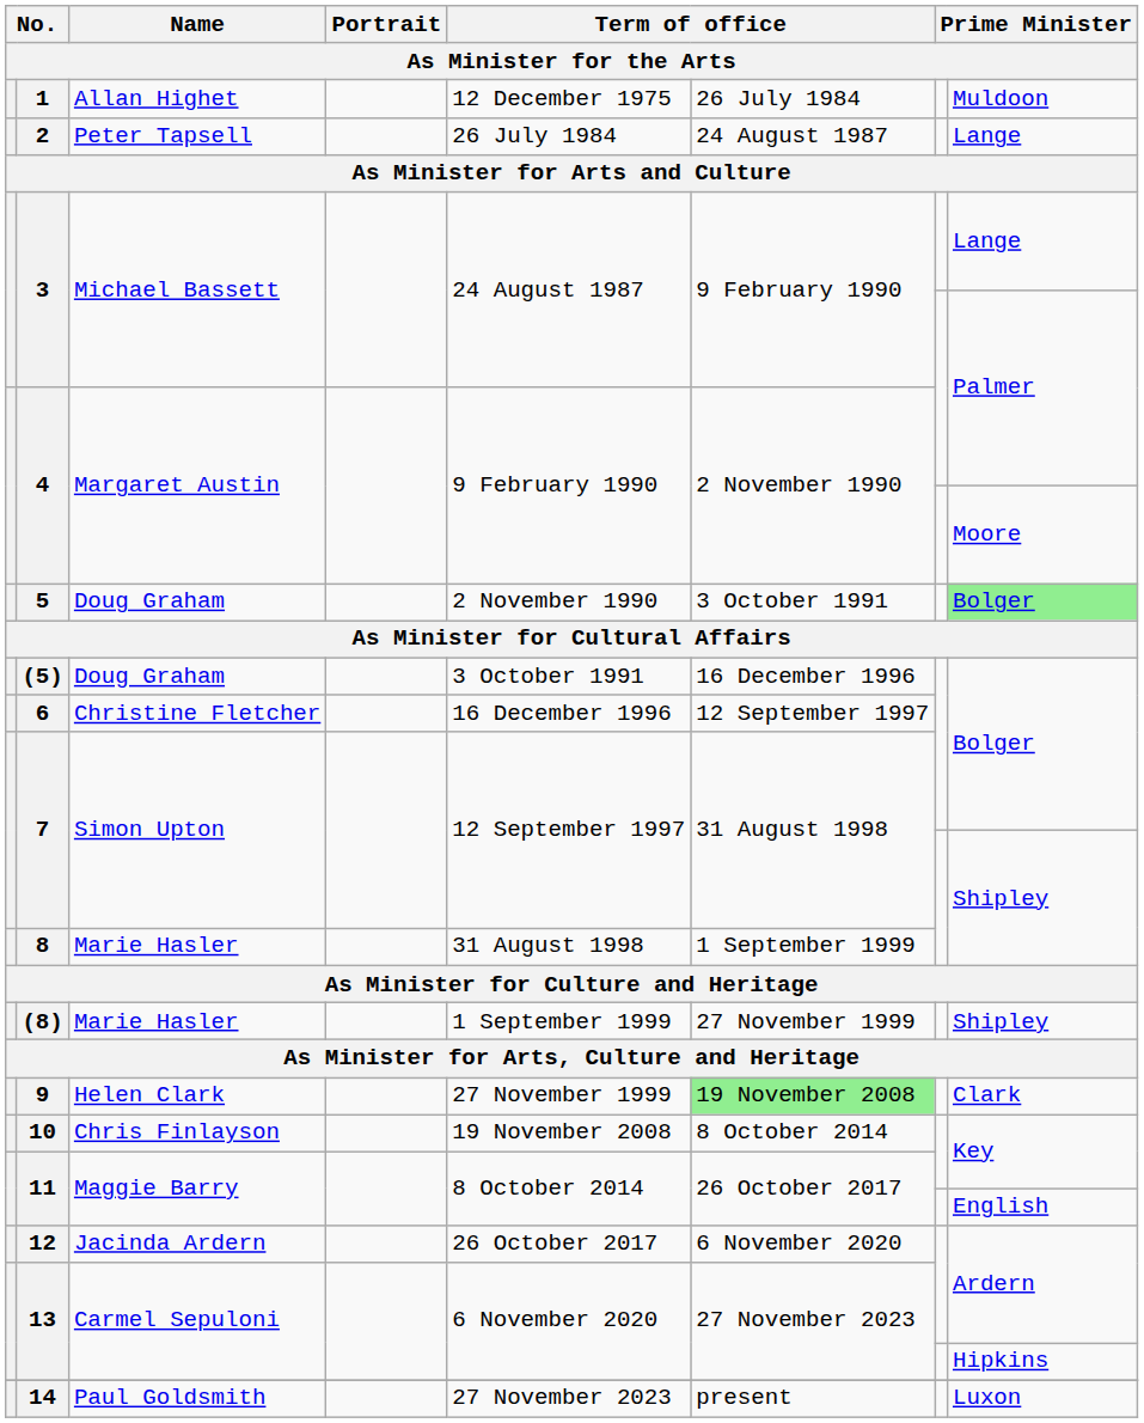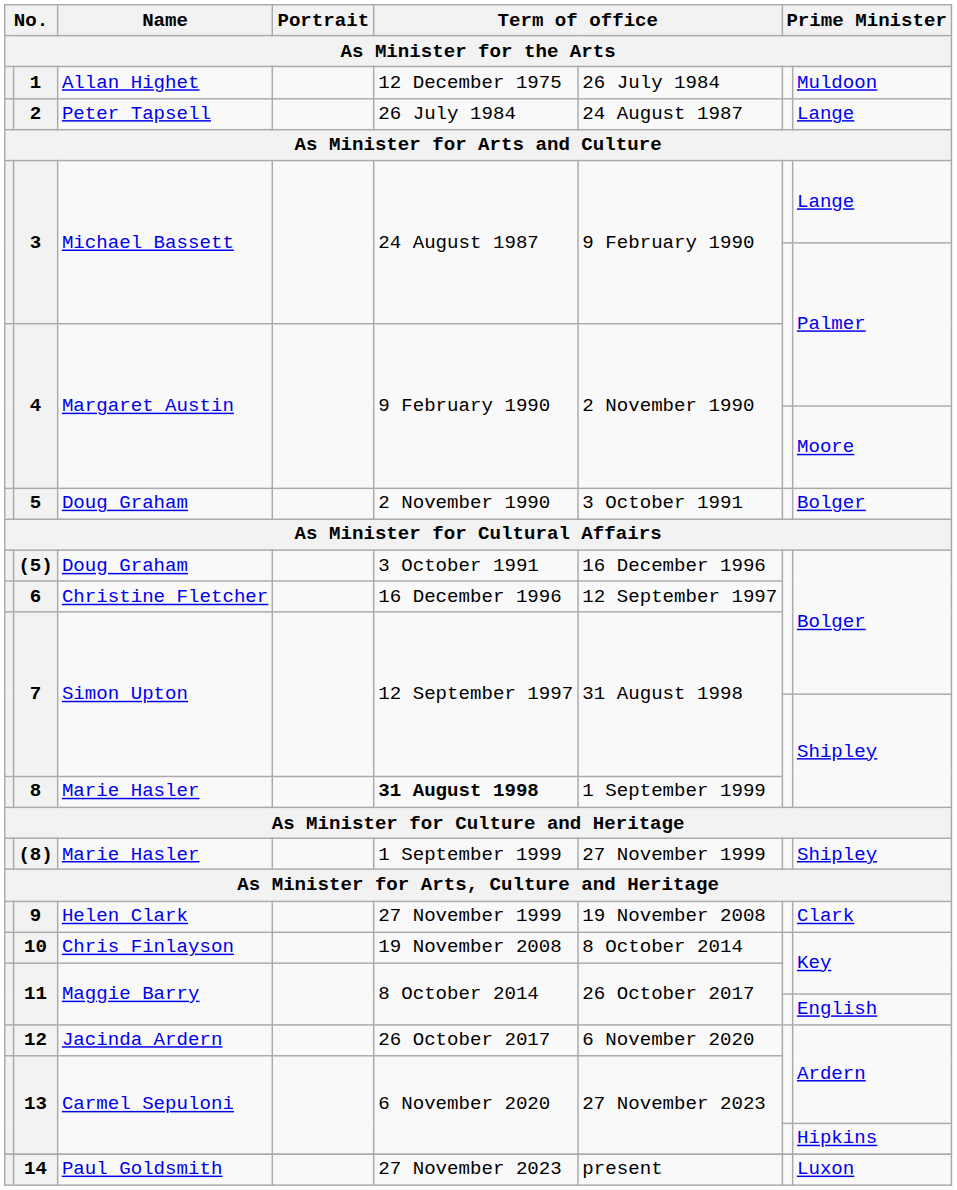 <table class="wikitable">
 <tr>
 <th colspan=2>No.</th>
 <th>Name</th>
 <th>Portrait</th>
 <th colspan=2>Term of office</th>
 <th colspan=2>Prime Minister</th>
 </tr>
 <tr>
 <th colspan=8>As Minister for the Arts</th>
 </tr>
 <tr>
 <th style="color:inherit;background:"></th>
 <th>1</th>
 <td><a href='#'>Allan Highet</a></td>
 <td></td>
 <td>12 December 1975</td>
 <td>26 July 1984</td>
 <td width=1 style="color:inherit;background:"></td>
 <td><a href='#'>Muldoon</a></td>
 </tr>
 <tr>
 <th style="color:inherit;background:"></th>
 <th>2</th>
 <td><a href='#'>Peter Tapsell</a></td>
 <td></td>
 <td>26 July 1984</td>
 <td>24 August 1987</td>
 <td style="color:inherit;background:"></td>
 <td><a href='#'>Lange</a></td>
 </tr>
 <tr>
 <th colspan=8>As Minister for Arts and Culture</th>
 </tr>
 <tr>
 <th height=50 style="border-bottom:solid 0 grey; background:"></th>
 <th rowspan=2>3</th>
 <td rowspan=2><a href='#'>Michael Bassett</a></td>
 <td rowspan=2></td>
 <td rowspan=2>24 August 1987</td>
 <td rowspan=2>9 February 1990</td>
 <td style="color:inherit;background:"></td>
 <td><a href='#'>Lange</a></td>
 </tr>
 <tr>
 <th height=50 style="border-top:solid 0 grey; background:"></th>
 <td rowspan=2 style="color:inherit;background:"></td>
 <td rowspan=2><a href='#'>Palmer</a></td>
 </tr>
 <tr>
 <th height=50 style="border-bottom:solid 0 grey; background:"></th>
 <th rowspan=2>4</th>
 <td rowspan=2><a href='#'>Margaret Austin</a></td>
 <td rowspan=2></td>
 <td rowspan=2>9 February 1990</td>
 <td rowspan=2>2 November 1990</td>
 </tr>
 <tr>
 <th height=50 style="border-top:solid 0 grey; background:"></th>
 <td style="color:inherit;background:"></td>
 <td><a href='#'>Moore</a></td>
 </tr>
 <tr>
 <th style="color:inherit;background:"></th>
 <th>5</th>
 <td><a href='#'>Doug Graham</a></td>
 <td></td>
 <td>2 November 1990</td>
 <td>3 October 1991</td>
 <td style="color:inherit;background:"></td>
-<td style="background: lightgreen;"><a href='#'>Bolger</a></td>
+<td><a href='#'>Bolger</a></td>
 </tr>
 <tr>
 <th colspan=8>As Minister for Cultural Affairs</th>
 </tr>
 <tr>
 <th style="color:inherit;background:"></th>
 <th>(5)</th>
 <td><a href='#'>Doug Graham</a></td>
 <td></td>
 <td>3 October 1991</td>
 <td>16 December 1996</td>
 <td rowspan=3 style="color:inherit;background:"></td>
 <td rowspan=3><a href='#'>Bolger</a></td>
 </tr>
 <tr>
 <th style="color:inherit;background:"></th>
 <th>6</th>
 <td><a href='#'>Christine Fletcher</a></td>
 <td></td>
 <td>16 December 1996</td>
 <td>12 September 1997</td>
 </tr>
 <tr>
 <th height=50 style="border-bottom:solid 0 grey; background:"></th>
 <th rowspan=2>7</th>
 <td rowspan=2><a href='#'>Simon Upton</a></td>
 <td rowspan=2></td>
 <td rowspan=2>12 September 1997</td>
 <td rowspan=2>31 August 1998</td>
 </tr>
 <tr>
 <th height=50 style="border-top:solid 0 grey; background:"></th>
 <td rowspan=2 style="color:inherit;background:"></td>
 <td rowspan=2><a href='#'>Shipley</a></td>
 </tr>
 <tr>
 <th style="color:inherit;background:"></th>
 <th>8</th>
 <td><a href='#'>Marie Hasler</a></td>
 <td></td>
-<td>31 August 1998</td>
+<td><strong>31 August 1998</strong></td>
 <td>1 September 1999</td>
 </tr>
 <tr>
 <th colspan=8>As Minister for Culture and Heritage</th>
 </tr>
 <tr>
 <th style="color:inherit;background:"></th>
 <th>(8)</th>
 <td><a href='#'>Marie Hasler</a></td>
 <td></td>
 <td>1 September 1999</td>
 <td>27 November 1999</td>
 <td style="color:inherit;background:"></td>
 <td><a href='#'>Shipley</a></td>
 </tr>
 <tr>
 <th colspan=8>As Minister for Arts, Culture and Heritage</th>
 </tr>
 <tr>
 <th style="color:inherit;background:"></th>
 <th>9</th>
 <td><a href='#'>Helen Clark</a></td>
 <td></td>
 <td>27 November 1999</td>
-<td style="background: lightgreen;">19 November 2008</td>
+<td>19 November 2008</td>
 <td style="color:inherit;background:"></td>
 <td><a href='#'>Clark</a></td>
 </tr>
 <tr>
 <th style="color:inherit;background:"></th>
 <th>10</th>
 <td><a href='#'>Chris Finlayson</a></td>
 <td></td>
 <td>19 November 2008</td>
 <td>8 October 2014</td>
 <td rowspan=2 style="color:inherit;background:"></td>
 <td rowspan=2><a href='#'>Key</a></td>
 </tr>
 <tr>
 <th height=15 style="border-bottom:solid 0 grey; background:"></th>
 <th rowspan=2>11</th>
 <td rowspan=2><a href='#'>Maggie Barry</a></td>
 <td rowspan=2></td>
 <td rowspan=2>8 October 2014</td>
 <td rowspan=2>26 October 2017</td>
 </tr>
 <tr>
 <th height=15 style="border-top:solid 0 grey; background:"></th>
 <td style="color:inherit;background:"></td>
 <td><a href='#'>English</a></td>
 </tr>
 <tr>
 <th style="color:inherit;background:"></th>
 <th>12</th>
 <td><a href='#'>Jacinda Ardern</a></td>
 <td></td>
 <td>26 October 2017</td>
 <td>6 November 2020</td>
 <td rowspan=2 style="color:inherit;background:"></td>
 <td rowspan=2><a href='#'>Ardern</a></td>
 </tr>
 <tr>
 <th height=40 style="border-bottom:solid 0 grey; background:"></th>
 <th rowspan=2>13</th>
 <td rowspan=2><a href='#'>Carmel Sepuloni</a></td>
 <td rowspan=2></td>
 <td rowspan=2>6 November 2020</td>
 <td rowspan=2>27 November 2023</td>
 </tr>
 <tr>
 <th height=15 style="border-top:solid 0 grey; background:"></th>
 <td style="color:inherit;background:"></td>
 <td><a href='#'>Hipkins</a></td>
 </tr>
 <tr>
 </tr>
 <tr>
 <th style="color:inherit;background:"></th>
 <th>14</th>
 <td><a href='#'>Paul Goldsmith</a></td>
 <td></td>
 <td>27 November 2023</td>
 <td>present</td>
 <td style="color:inherit;background:"></td>
 <td><a href='#'>Luxon</a></td>
 </tr>
 </table>
